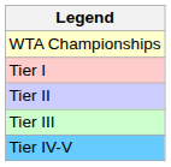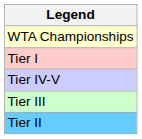 <table class="wikitable sortable mw-collapsible mw-collapsed">
 <tr>
 <th>Legend</th>
 </tr>
 <tr bgcolor="#ffffcc">
 <td>WTA Championships</td>
 </tr>
 <tr bgcolor="#ffcccc">
 <td>Tier I</td>
 </tr>
 <tr bgcolor="#ccccff">
-<td>Tier II</td>
+<td>Tier IV-V</td>
 </tr>
 <tr bgcolor="#CCFFCC">
 <td>Tier III</td>
 </tr>
 <tr style="background:#66ccff;">
-<td>Tier IV-V</td>
+<td>Tier II</td>
 </tr>
 </table>
